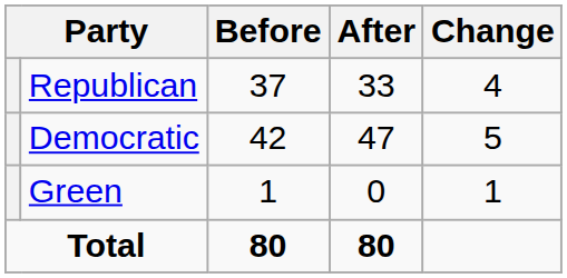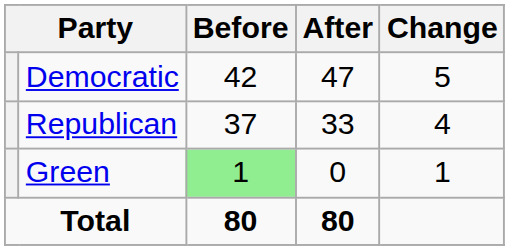 <table class="wikitable" style="text-align:center;">
 <tr>
 <th colspan="2">Party</th>
 <th>Before</th>
 <th>After</th>
 <th>Change</th>
+</tr>
+<tr>
+<th style="background-color:"></th>
+<td style="text-align:left;"><a href='#'>Democratic</a></td>
+<td>42</td>
+<td>47</td>
+<td> 5</td>
 </tr>
 <tr>
 <th style="background-color:"></th>
 <td style="text-align:left;"><a href='#'>Republican</a></td>
 <td>37</td>
 <td>33</td>
 <td> 4</td>
 </tr>
 <tr>
 <th style="background-color:"></th>
-<td style="text-align:left;"><a href='#'>Democratic</a></td>
-<td>42</td>
-<td>47</td>
-<td> 5</td>
-</tr>
-<tr>
-<th style="background-color:"></th>
 <td style="text-align:left;"><a href='#'>Green</a></td>
-<td>1</td>
+<td style="background: lightgreen;">1</td>
 <td>0</td>
 <td> 1</td>
 </tr>
 <tr>
 <td colspan="2"><strong>Total</strong></td>
 <td><strong>80</strong></td>
 <td><strong>80</strong></td>
 </tr>
 </table>
